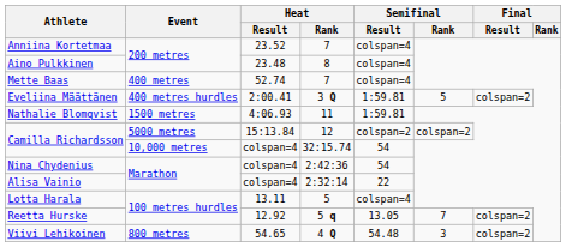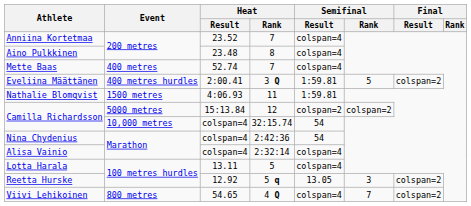 <table class="wikitable" style="font-size:90%">
 <tr>
 <th rowspan="2">Athlete</th>
 <th rowspan="2">Event</th>
 <th colspan="2">Heat</th>
 <th colspan="2">Semifinal</th>
 <th colspan="2">Final</th>
 </tr>
 <tr style="font-size:95%">
 <th>Result</th>
 <th>Rank</th>
 <th>Result</th>
 <th>Rank</th>
 <th>Result</th>
 <th>Rank</th>
 </tr>
 <tr align=center>
 <td align=left><a href='#'>Anniina Kortetmaa</a></td>
 <td align=left rowspan=2><a href='#'>200 metres</a></td>
 <td>23.52</td>
 <td>7</td>
 <td>colspan=4 </td>
 </tr>
 <tr align=center>
 <td align=left><a href='#'>Aino Pulkkinen</a></td>
 <td>23.48</td>
 <td>8</td>
 <td>colspan=4 </td>
 </tr>
 <tr align=center>
 <td align=left><a href='#'>Mette Baas</a></td>
 <td align=left><a href='#'>400 metres</a></td>
 <td>52.74</td>
 <td>7</td>
 <td>colspan=4 </td>
 </tr>
 <tr align=center>
 <td align=left><a href='#'>Eveliina Määttänen</a></td>
 <td align=left><a href='#'>400 metres hurdles</a></td>
 <td>2:00.41</td>
 <td>3 <strong>Q</strong></td>
 <td>1:59.81 </td>
 <td>5</td>
 <td>colspan=2 </td>
 </tr>
 <tr align=center>
 <td align=left><a href='#'>Nathalie Blomqvist</a></td>
 <td align=left><a href='#'>1500 metres</a></td>
 <td>4:06.93 </td>
 <td>11</td>
 <td>1:59.81 </td>
 </tr>
 <tr align=center>
 <td align=left rowspan=2><a href='#'>Camilla Richardsson</a></td>
 <td align=left><a href='#'>5000 metres</a></td>
 <td>15:13.84</td>
 <td>12</td>
 <td>colspan=2</td>
 <td>colspan=2 </td>
 </tr>
 <tr align=center>
 <td align=left><a href='#'>10,000 metres</a></td>
 <td>colspan=4</td>
 <td>32:15.74</td>
 <td>54</td>
 </tr>
 <tr align=center>
 <td align=left><a href='#'>Nina Chydenius</a></td>
 <td align=left rowspan=2><a href='#'>Marathon</a></td>
 <td>colspan=4</td>
 <td>2:42:36</td>
 <td>54</td>
 </tr>
 <tr align=center>
 <td align=left><a href='#'>Alisa Vainio</a></td>
 <td>colspan=4</td>
 <td>2:32:14</td>
-<td>22</td>
+<td>colspan=4 </td>
 </tr>
 <tr align=center>
 <td align=left><a href='#'>Lotta Harala</a></td>
 <td align=left rowspan=2><a href='#'>100 metres hurdles</a></td>
 <td>13.11</td>
 <td>5</td>
 <td>colspan=4 </td>
 </tr>
 <tr align=center>
 <td align=left><a href='#'>Reetta Hurske</a></td>
 <td>12.92</td>
 <td>5 <strong>q</strong></td>
 <td>13.05</td>
-<td>7</td>
+<td>3</td>
 <td>colspan=2 </td>
 </tr>
 <tr align=center>
 <td align=left><a href='#'>Viivi Lehikoinen</a></td>
 <td align=left><a href='#'>800 metres</a></td>
 <td>54.65</td>
 <td>4 <strong>Q</strong></td>
-<td>54.48</td>
-<td>3</td>
+<td>colspan=4 </td>
+<td>7</td>
 <td>colspan=2 </td>
 </tr>
 </table>
